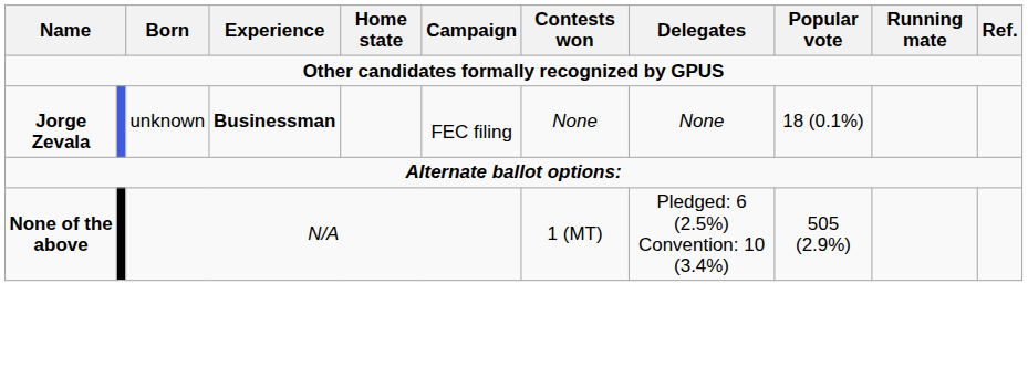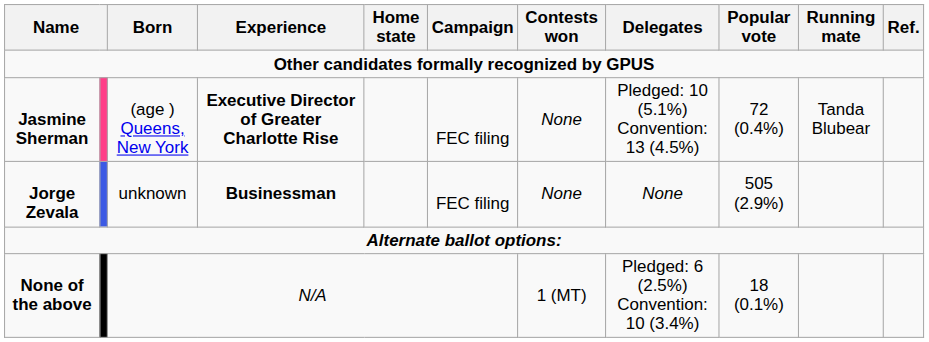 <table class="wikitable sortable" style="text-align:center;">
 <tr>
 <th colspan="2" scope="col">Name</th>
 <th scope="col">Born</th>
 <th class="unsortable" scope="col">Experience</th>
 <th scope="col">Home state</th>
 <th scope="col">Campaign<br></th>
 <th scope="col">Contests won</th>
 <th scope="col">Delegates</th>
 <th scope="col">Popular vote</th>
 <th scope="col">Running mate</th>
 <th scope="col">Ref.</th>
 </tr>
 <tr>
 <td colspan=11 style="text-align:center;"><strong>Other candidates formally recognized by GPUS</strong></td>
 </tr>
 <tr>
+<td data-sort-value="Sherman, Jasmine" scope="row"><br><strong>Jasmine Sherman</strong></td>
+<td style="background:#ff3e88;"></td>
+<td><br>(age )<br><a href='#'>Queens, New York</a></td>
+<td><strong>Executive Director of Greater Charlotte Rise</strong></td>
+<td></td>
+<td><br><br>FEC filing</td>
+<td><em>None</em></td>
+<td>Pledged: 10 (5.1%)<br>Convention: 13 (4.5%)</td>
+<td>72 (0.4%)</td>
+<td>Tanda Blubear</td>
+<td></td>
+</tr>
+<tr>
 <td data-sort-value="Zavala, Jorge" scope="row"><br><strong>Jorge Zevala</strong></td>
 <td style="background:#3C5AE4;"></td>
 <td>unknown</td>
 <td><strong>Businessman</strong></td>
 <td></td>
 <td> <br>FEC filing</td>
 <td><em>None</em></td>
 <td><em>None</em></td>
-<td>18 (0.1%)</td>
+<td>505 (2.9%)</td>
 <td></td>
 <td><br></td>
 </tr>
 <tr>
 <td Colspan=11><strong><em>Alternate ballot options:</em></strong></td>
 </tr>
 <tr>
 <td><strong>None of the above</strong></td>
 <td style="background:#000000"></td>
 <td colspan=4><em>N/A</em></td>
 <td>1 (MT)</td>
 <td>Pledged: 6 (2.5%)<br>Convention: 10 (3.4%)</td>
-<td>505 (2.9%)</td>
+<td>18 (0.1%)</td>
 <td></td>
 <td></td>
 </tr>
 </table>
